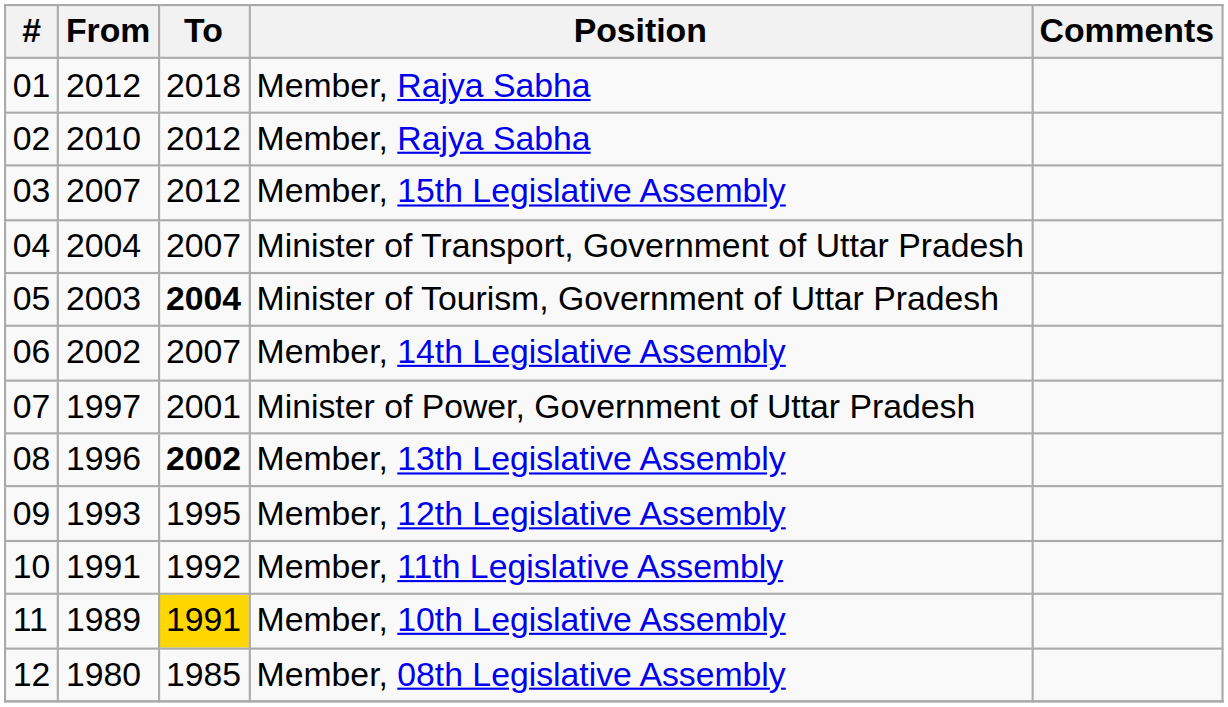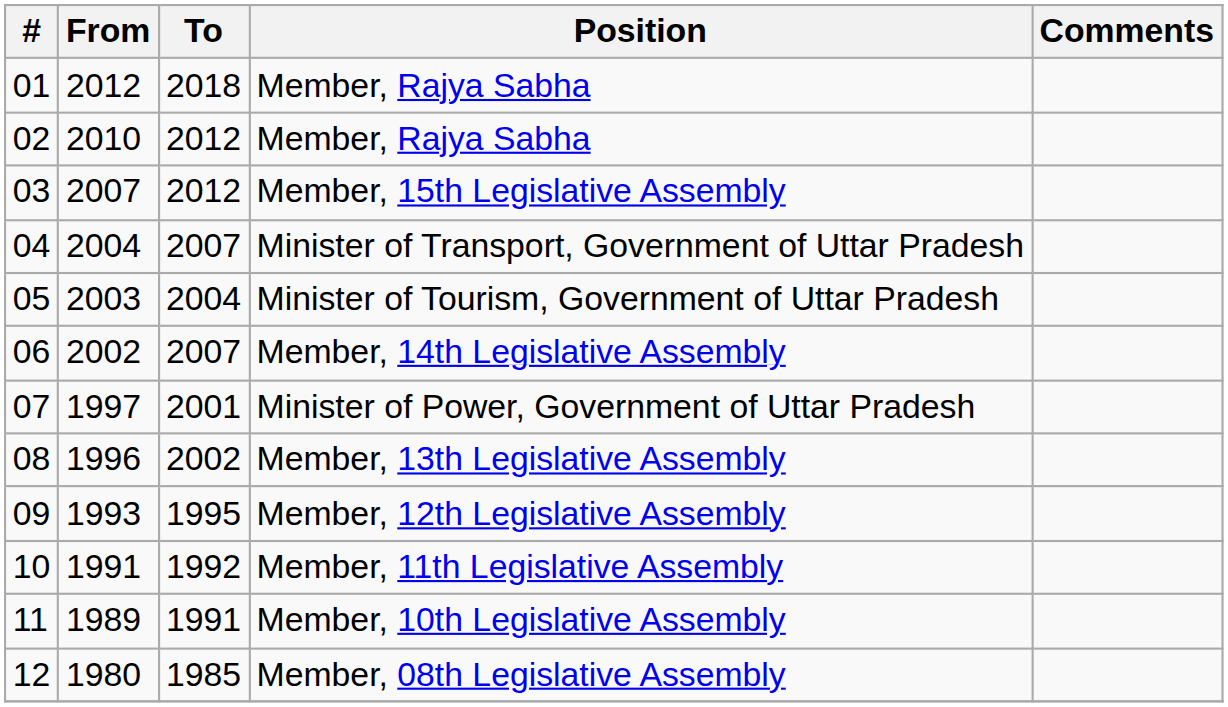 <table class="wikitable sortable">
 <tr>
 <th>#</th>
 <th>From</th>
 <th>To</th>
 <th>Position</th>
 <th>Comments</th>
 </tr>
 <tr>
 <td>01</td>
 <td>2012</td>
 <td>2018</td>
 <td>Member, <a href='#'>Rajya Sabha</a></td>
 <td></td>
 </tr>
 <tr>
 <td>02</td>
 <td>2010</td>
 <td>2012</td>
 <td>Member, <a href='#'>Rajya Sabha</a></td>
 <td></td>
 </tr>
 <tr>
 <td>03</td>
 <td>2007</td>
 <td>2012</td>
 <td>Member, <a href='#'>15th Legislative Assembly</a></td>
 <td></td>
 </tr>
 <tr>
 <td>04</td>
 <td>2004</td>
 <td>2007</td>
 <td>Minister of Transport, Government of Uttar Pradesh</td>
 <td></td>
 </tr>
 <tr>
 <td>05</td>
 <td>2003</td>
-<td><strong>2004</strong></td>
+<td>2004</td>
 <td>Minister of Tourism, Government of Uttar Pradesh</td>
 <td></td>
 </tr>
 <tr>
 <td>06</td>
 <td>2002</td>
 <td>2007</td>
 <td>Member, <a href='#'>14th Legislative Assembly</a></td>
 <td></td>
 </tr>
 <tr>
 <td>07</td>
 <td>1997</td>
 <td>2001</td>
 <td>Minister of Power, Government of Uttar Pradesh</td>
 <td></td>
 </tr>
 <tr>
 <td>08</td>
 <td>1996</td>
-<td><strong>2002</strong></td>
+<td>2002</td>
 <td>Member, <a href='#'>13th Legislative Assembly</a></td>
 <td></td>
 </tr>
 <tr>
 <td>09</td>
 <td>1993</td>
 <td>1995</td>
 <td>Member, <a href='#'>12th Legislative Assembly</a></td>
 <td></td>
 </tr>
 <tr>
 <td>10</td>
 <td>1991</td>
 <td>1992</td>
 <td>Member, <a href='#'>11th Legislative Assembly</a></td>
 <td></td>
 </tr>
 <tr>
 <td>11</td>
 <td>1989</td>
-<td style="background: gold;">1991</td>
+<td>1991</td>
 <td>Member, <a href='#'>10th Legislative Assembly</a></td>
 <td></td>
 </tr>
 <tr>
 <td>12</td>
 <td>1980</td>
 <td>1985</td>
 <td>Member, <a href='#'>08th Legislative Assembly</a></td>
 <td></td>
 </tr>
 <tr>
 </tr>
 </table>
